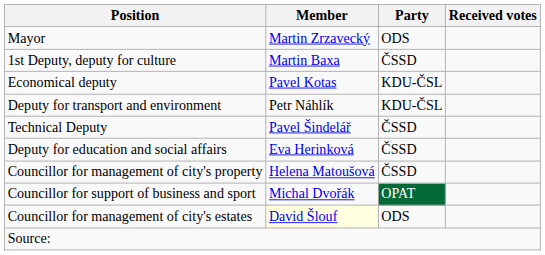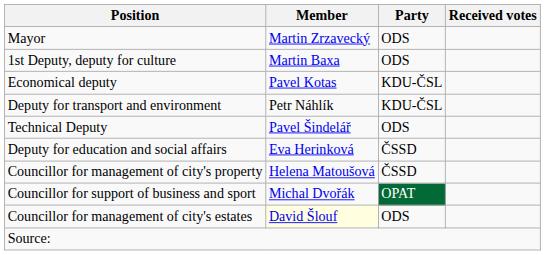 <table class="wikitable">
 <tr>
 <th>Position</th>
 <th>Member</th>
 <th>Party</th>
 <th>Received votes</th>
 </tr>
 <tr>
 <td>Mayor</td>
 <td><a href='#'>Martin Zrzavecký</a></td>
 <td style="background-color:">ODS</td>
 <td></td>
 </tr>
 <tr>
 <td>1st Deputy, deputy for culture</td>
 <td><a href='#'>Martin Baxa</a></td>
-<td style="background-color:">ČSSD</td>
+<td style="background-color:">ODS</td>
 <td></td>
 </tr>
 <tr>
 <td>Economical deputy</td>
 <td><a href='#'>Pavel Kotas</a></td>
 <td style="background-color:">KDU-ČSL</td>
 <td></td>
 </tr>
 <tr>
 <td>Deputy for transport and environment</td>
 <td>Petr Náhlík</td>
 <td style="background-color:">KDU-ČSL</td>
 <td></td>
 </tr>
 <tr>
 <td>Technical Deputy</td>
 <td><a href='#'>Pavel Šindelář</a></td>
-<td style="background-color:">ČSSD</td>
+<td style="background-color:">ODS</td>
 <td></td>
 </tr>
 <tr>
 <td>Deputy for education and social affairs</td>
 <td><a href='#'>Eva Herinková</a></td>
 <td style="background-color:">ČSSD</td>
 <td></td>
 </tr>
 <tr>
 <td>Councillor for management of city's property</td>
 <td><a href='#'>Helena Matoušová</a></td>
 <td style="background-color:">ČSSD</td>
 <td></td>
 </tr>
 <tr>
 <td>Councillor for support of business and sport</td>
 <td><a href='#'>Michal Dvořák</a></td>
 <td style="background-color:#036937; color:white">OPAT</td>
 <td></td>
 </tr>
 <tr>
 <td>Councillor for management of city's estates</td>
 <td style="background: lightyellow;"><a href='#'>David Šlouf</a></td>
 <td style="background-color:">ODS</td>
 <td></td>
 </tr>
 <tr>
 <td align=left colspan=15>Source:</td>
 </tr>
 </table>
